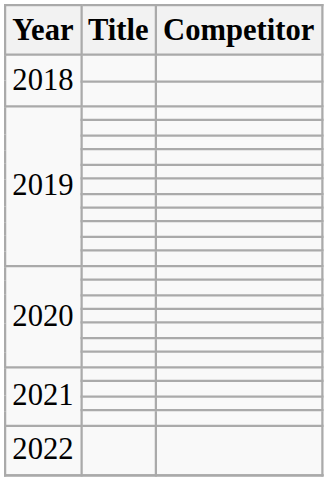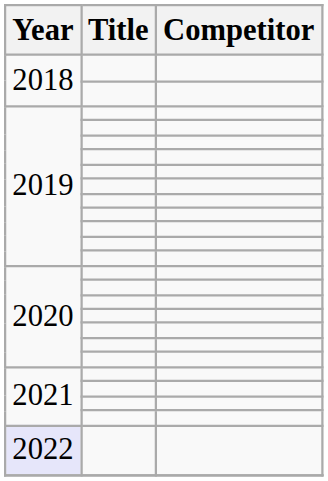 <table class="wikitable sortable" style="font-size: 85%;">
 <tr>
 <th>Year</th>
 <th>Title</th>
 <th>Competitor</th>
 </tr>
 <tr>
 <td rowspan="2">2018</td>
 <td></td>
 <td></td>
 </tr>
 <tr>
 <td></td>
 <td></td>
 </tr>
 <tr>
 <td rowspan="11">2019</td>
 <td></td>
 <td></td>
 </tr>
 <tr>
 <td></td>
 <td></td>
 </tr>
 <tr>
 <td></td>
 <td></td>
 </tr>
 <tr>
 <td></td>
 <td></td>
 </tr>
 <tr>
 <td></td>
 <td></td>
 </tr>
 <tr>
 <td></td>
 <td></td>
 </tr>
 <tr>
 <td></td>
 <td></td>
 </tr>
 <tr>
 <td></td>
 <td></td>
 </tr>
 <tr>
 <td></td>
 <td></td>
 </tr>
 <tr>
 <td></td>
 <td></td>
 </tr>
 <tr>
 <td></td>
 <td></td>
 </tr>
 <tr>
 <td rowspan="7">2020</td>
 <td></td>
 <td></td>
 </tr>
 <tr>
 <td></td>
 <td></td>
 </tr>
 <tr>
 <td></td>
 <td></td>
 </tr>
 <tr>
 <td></td>
 <td></td>
 </tr>
 <tr>
 <td></td>
 <td></td>
 </tr>
 <tr>
 <td></td>
 <td></td>
 </tr>
 <tr>
 <td></td>
 <td></td>
 </tr>
 <tr>
 <td rowspan="4">2021</td>
 <td></td>
 <td></td>
 </tr>
 <tr>
 <td></td>
 <td></td>
 </tr>
 <tr>
 <td></td>
 <td></td>
 </tr>
 <tr>
 <td></td>
 <td></td>
 </tr>
 <tr>
-<td>2022</td>
+<td style="background: lavender;">2022</td>
 <td></td>
 <td></td>
 </tr>
 <tr>
 </tr>
 </table>
